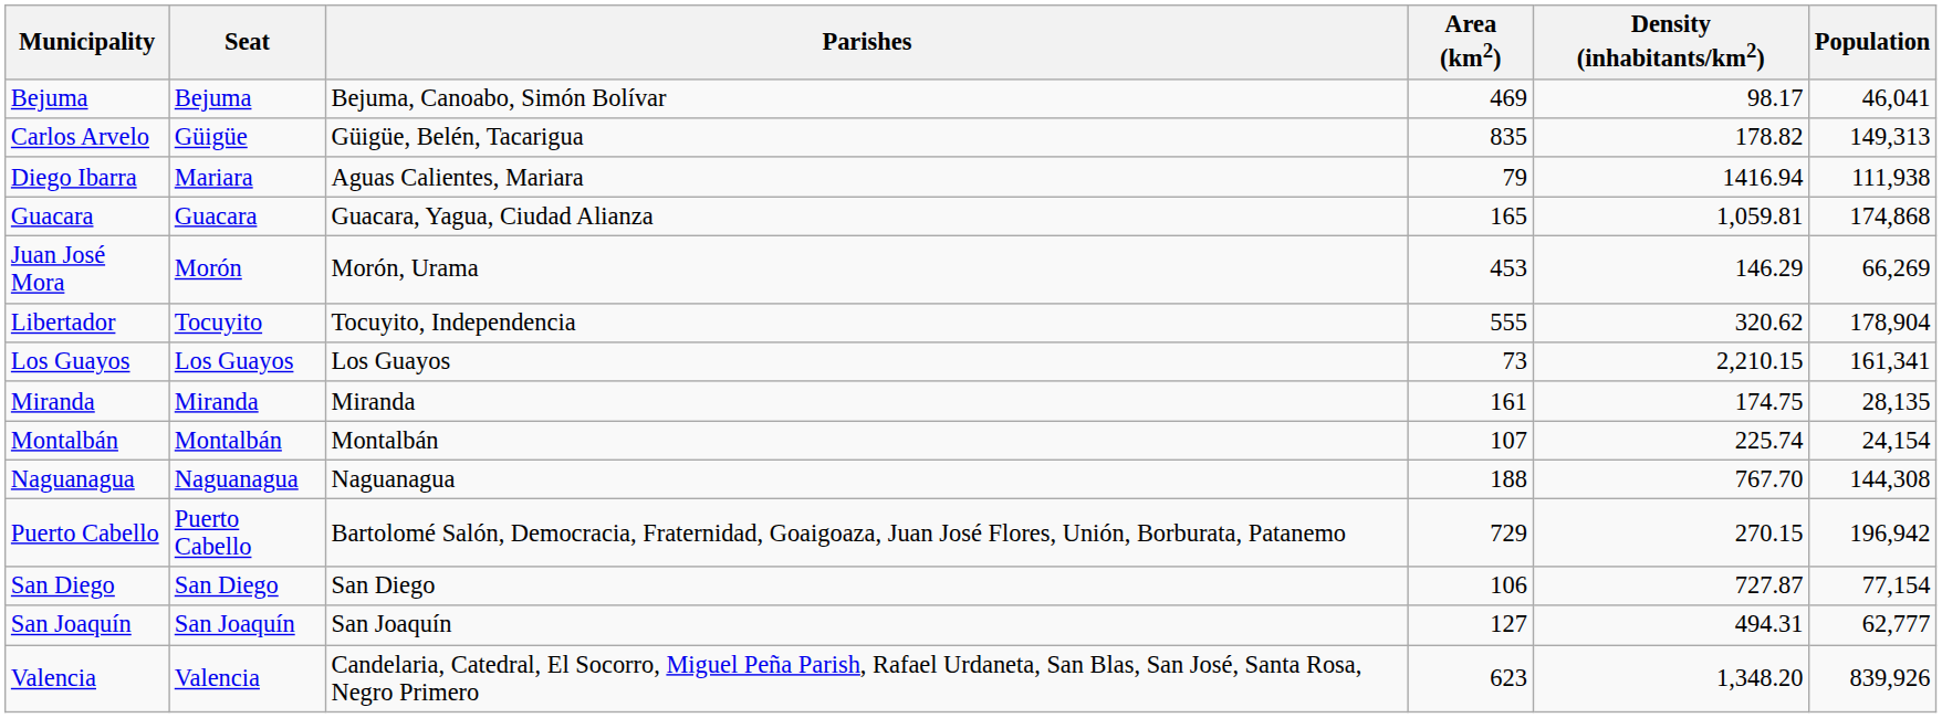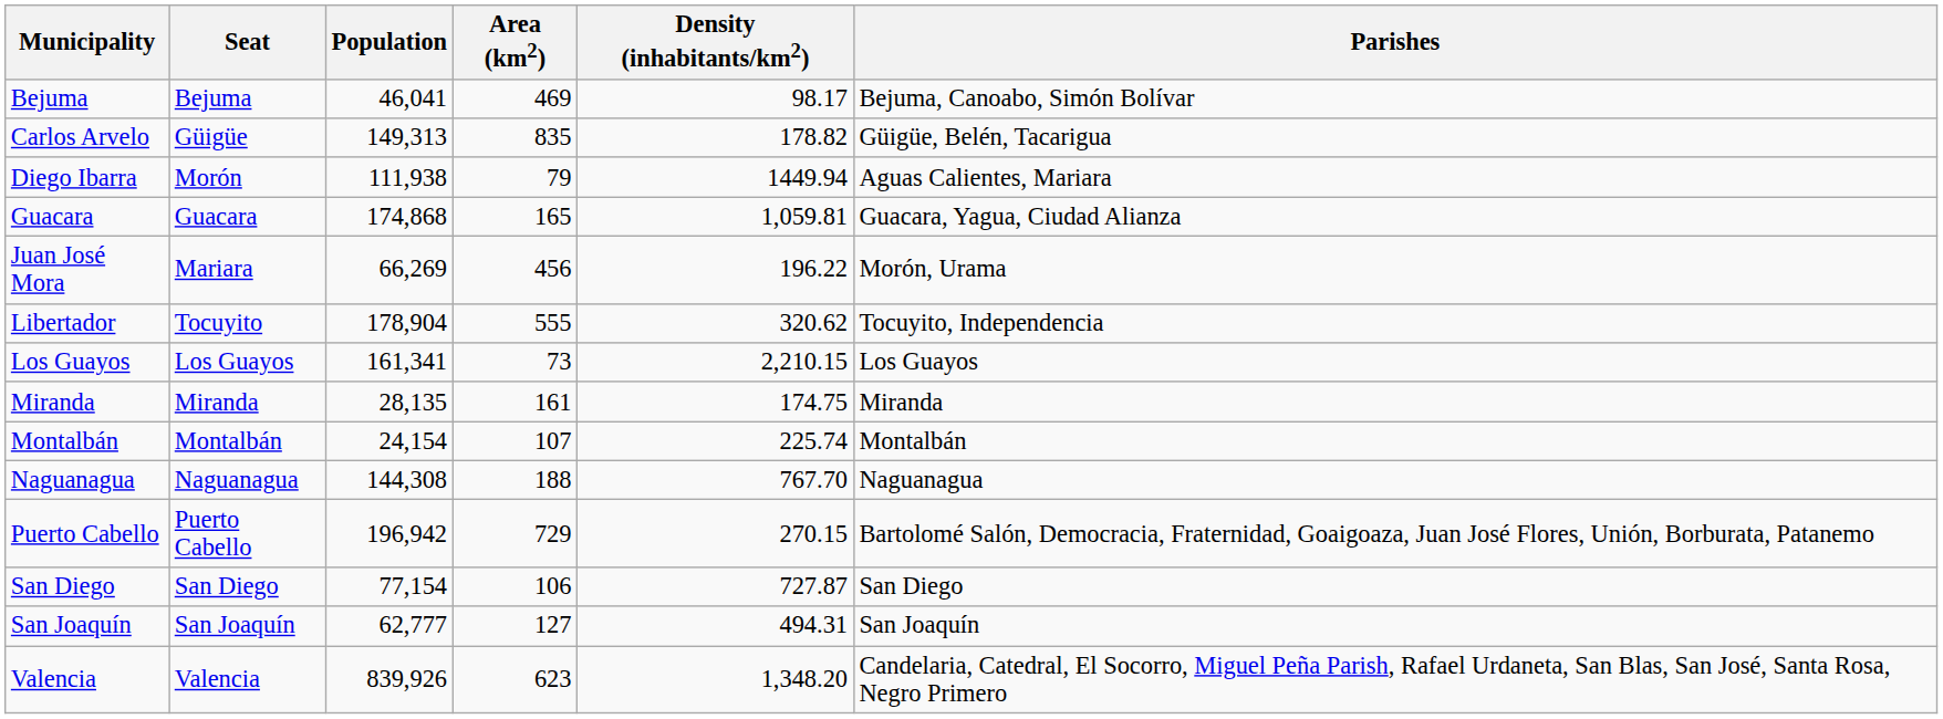 <table class="wikitable" style="align:left">
 <tr bgcolor=#eeeeee>
 <th>Municipality</th>
 <th>Seat</th>
-<th>Parishes</th>
+<th>Population</th>
 <th>Area (km<sup>2</sup>)</th>
 <th>Density (inhabitants/km<sup>2</sup>)</th>
-<th>Population</th>
+<th>Parishes</th>
 </tr>
 <tr>
 <td><a href='#'>Bejuma</a></td>
 <td><a href='#'>Bejuma</a></td>
-<td>Bejuma, Canoabo, Simón Bolívar</td>
+<td align="right">46,041</td>
 <td align="right">469</td>
 <td align="right">98.17</td>
-<td align="right">46,041</td>
+<td>Bejuma, Canoabo, Simón Bolívar</td>
 </tr>
 <tr>
 <td><a href='#'>Carlos Arvelo</a></td>
 <td><a href='#'>Güigüe</a></td>
-<td>Güigüe, Belén, Tacarigua</td>
+<td align="right">149,313</td>
 <td align="right">835</td>
 <td align="right">178.82</td>
-<td align="right">149,313</td>
+<td>Güigüe, Belén, Tacarigua</td>
 </tr>
 <tr>
 <td><a href='#'>Diego Ibarra</a></td>
-<td><a href='#'>Mariara</a></td>
+<td><a href='#'>Morón</a></td>
+<td align="right">111,938</td>
+<td align="right">79</td>
+<td align="right">1449.94</td>
 <td>Aguas Calientes, Mariara</td>
-<td align="right">79</td>
-<td align="right">1416.94</td>
-<td align="right">111,938</td>
 </tr>
 <tr>
 <td><a href='#'>Guacara</a></td>
 <td><a href='#'>Guacara</a></td>
-<td>Guacara, Yagua, Ciudad Alianza</td>
+<td align="right">174,868</td>
 <td align="right">165</td>
 <td align="right">1,059.81</td>
-<td align="right">174,868</td>
+<td>Guacara, Yagua, Ciudad Alianza</td>
 </tr>
 <tr>
 <td><a href='#'>Juan José Mora</a></td>
-<td><a href='#'>Morón</a></td>
+<td><a href='#'>Mariara</a></td>
+<td align="right">66,269</td>
+<td align="right">456</td>
+<td align="right">196.22</td>
 <td>Morón, Urama</td>
-<td align="right">453</td>
-<td align="right">146.29</td>
-<td align="right">66,269</td>
 </tr>
 <tr>
 <td><a href='#'>Libertador</a></td>
 <td><a href='#'>Tocuyito</a></td>
-<td>Tocuyito, Independencia</td>
+<td align="right">178,904</td>
 <td align="right">555</td>
 <td align="right">320.62</td>
-<td align="right">178,904</td>
+<td>Tocuyito, Independencia</td>
 </tr>
 <tr>
 <td><a href='#'>Los Guayos</a></td>
 <td><a href='#'>Los Guayos</a></td>
-<td>Los Guayos</td>
+<td align="right">161,341</td>
 <td align="right">73</td>
 <td align="right">2,210.15</td>
-<td align="right">161,341</td>
+<td>Los Guayos</td>
 </tr>
 <tr>
 <td><a href='#'>Miranda</a></td>
 <td><a href='#'>Miranda</a></td>
-<td>Miranda</td>
+<td align="right">28,135</td>
 <td align="right">161</td>
 <td align="right">174.75</td>
-<td align="right">28,135</td>
+<td>Miranda</td>
 </tr>
 <tr>
 <td><a href='#'>Montalbán</a></td>
 <td><a href='#'>Montalbán</a></td>
-<td>Montalbán</td>
+<td align="right">24,154</td>
 <td align="right">107</td>
 <td align="right">225.74</td>
-<td align="right">24,154</td>
+<td>Montalbán</td>
 </tr>
 <tr>
 <td><a href='#'>Naguanagua</a></td>
 <td><a href='#'>Naguanagua</a></td>
-<td>Naguanagua</td>
+<td align="right">144,308</td>
 <td align="right">188</td>
 <td align="right">767.70</td>
-<td align="right">144,308</td>
+<td>Naguanagua</td>
 </tr>
 <tr>
 <td><a href='#'>Puerto Cabello</a></td>
 <td><a href='#'>Puerto Cabello</a></td>
-<td>Bartolomé Salón, Democracia, Fraternidad, Goaigoaza, Juan José Flores, Unión, Borburata, Patanemo</td>
+<td align="right">196,942</td>
 <td align="right">729</td>
 <td align="right">270.15</td>
-<td align="right">196,942</td>
+<td>Bartolomé Salón, Democracia, Fraternidad, Goaigoaza, Juan José Flores, Unión, Borburata, Patanemo</td>
 </tr>
 <tr>
 <td><a href='#'>San Diego</a></td>
 <td><a href='#'>San Diego</a></td>
-<td>San Diego</td>
+<td align="right">77,154</td>
 <td align="right">106</td>
 <td align="right">727.87</td>
-<td align="right">77,154</td>
+<td>San Diego</td>
 </tr>
 <tr>
 <td><a href='#'>San Joaquín</a></td>
 <td><a href='#'>San Joaquín</a></td>
-<td>San Joaquín</td>
+<td align="right">62,777</td>
 <td align="right">127</td>
 <td align="right">494.31</td>
-<td align="right">62,777</td>
+<td>San Joaquín</td>
 </tr>
 <tr>
 <td><a href='#'>Valencia</a></td>
 <td><a href='#'>Valencia</a></td>
-<td>Candelaria, Catedral, El Socorro, <a href='#'>Miguel Peña Parish</a>, Rafael Urdaneta, San Blas, San José, Santa Rosa, Negro Primero</td>
+<td align="right">839,926</td>
 <td align="right">623</td>
 <td align="right">1,348.20</td>
-<td align="right">839,926</td>
+<td>Candelaria, Catedral, El Socorro, <a href='#'>Miguel Peña Parish</a>, Rafael Urdaneta, San Blas, San José, Santa Rosa, Negro Primero</td>
 </tr>
 </table>
